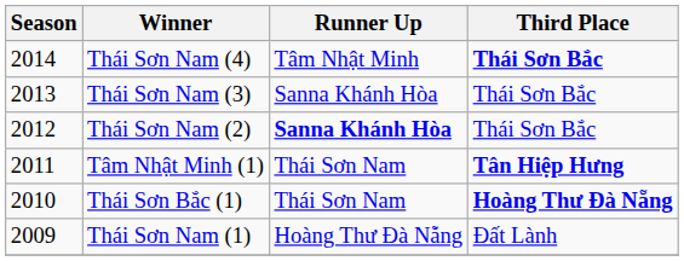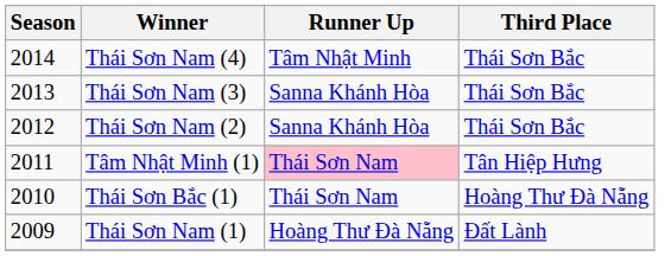 <table class="wikitable">
 <tr>
 <th>Season</th>
 <th>Winner</th>
 <th>Runner Up</th>
 <th>Third Place</th>
 </tr>
 <tr>
 <td>2014</td>
 <td><a href='#'>Thái Sơn Nam</a> (4)</td>
 <td><a href='#'>Tâm Nhật Minh</a></td>
-<td><strong><a href='#'>Thái Sơn Bắc</a></strong></td>
+<td><a href='#'>Thái Sơn Bắc</a></td>
 </tr>
 <tr>
 <td>2013</td>
 <td><a href='#'>Thái Sơn Nam</a> (3)</td>
 <td><a href='#'>Sanna Khánh Hòa</a></td>
 <td><a href='#'>Thái Sơn Bắc</a></td>
 </tr>
 <tr>
 <td>2012</td>
 <td><a href='#'>Thái Sơn Nam</a> (2)</td>
-<td><strong><a href='#'>Sanna Khánh Hòa</a></strong></td>
+<td><a href='#'>Sanna Khánh Hòa</a></td>
 <td><a href='#'>Thái Sơn Bắc</a></td>
 </tr>
 <tr>
 <td>2011</td>
 <td><a href='#'>Tâm Nhật Minh</a> (1)</td>
-<td><a href='#'>Thái Sơn Nam</a></td>
-<td><strong><a href='#'>Tân Hiệp Hưng</a></strong></td>
+<td style="background: pink;"><a href='#'>Thái Sơn Nam</a></td>
+<td><a href='#'>Tân Hiệp Hưng</a></td>
 </tr>
 <tr>
 <td>2010</td>
 <td><a href='#'>Thái Sơn Bắc</a> (1)</td>
 <td><a href='#'>Thái Sơn Nam</a></td>
-<td><strong><a href='#'>Hoàng Thư Đà Nẵng</a></strong></td>
+<td><a href='#'>Hoàng Thư Đà Nẵng</a></td>
 </tr>
 <tr>
 <td>2009</td>
 <td><a href='#'>Thái Sơn Nam</a> (1)</td>
 <td><a href='#'>Hoàng Thư Đà Nẵng</a></td>
 <td><a href='#'>Đất Lành</a></td>
 </tr>
 <tr>
 </tr>
 </table>
